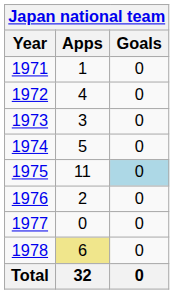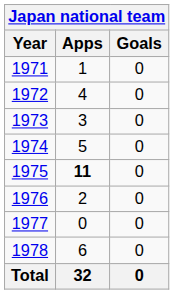 <table class="wikitable" style="text-align:center">
 <tr>
 <th colspan=3><a href='#'>Japan national team</a></th>
 </tr>
 <tr>
 <th>Year</th>
 <th>Apps</th>
 <th>Goals</th>
 </tr>
 <tr>
 <td><a href='#'>1971</a></td>
 <td>1</td>
 <td>0</td>
 </tr>
 <tr>
 <td><a href='#'>1972</a></td>
 <td>4</td>
 <td>0</td>
 </tr>
 <tr>
 <td><a href='#'>1973</a></td>
 <td>3</td>
 <td>0</td>
 </tr>
 <tr>
 <td><a href='#'>1974</a></td>
 <td>5</td>
 <td>0</td>
 </tr>
 <tr>
 <td><a href='#'>1975</a></td>
-<td>11</td>
-<td style="background: lightblue;">0</td>
+<td><strong>11</strong></td>
+<td>0</td>
 </tr>
 <tr>
 <td><a href='#'>1976</a></td>
 <td>2</td>
 <td>0</td>
 </tr>
 <tr>
 <td><a href='#'>1977</a></td>
 <td>0</td>
 <td>0</td>
 </tr>
 <tr>
 <td><a href='#'>1978</a></td>
-<td style="background: khaki;">6</td>
+<td>6</td>
 <td>0</td>
 </tr>
 <tr>
 <th>Total</th>
 <th>32</th>
 <th>0</th>
 </tr>
 </table>
